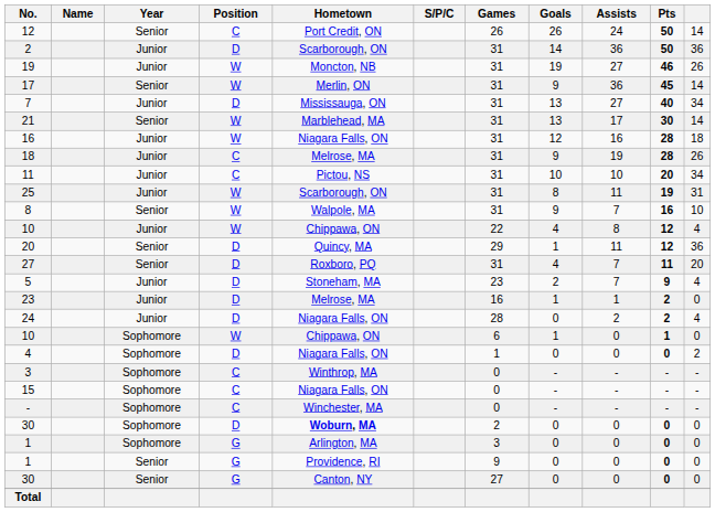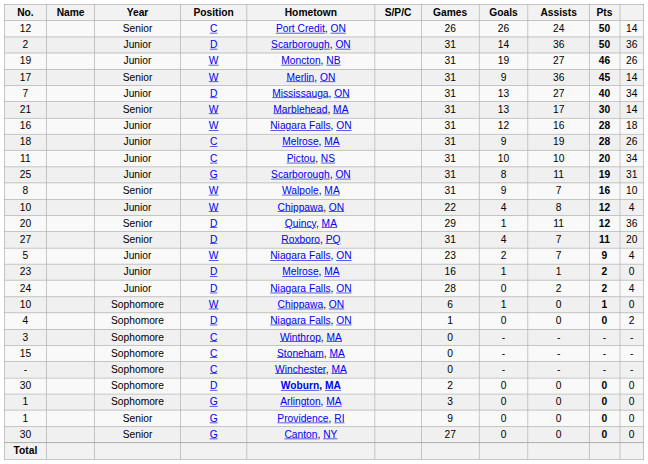 <table class="wikitable sortable" width ="1000">
 <tr align="center">
 <th><strong>No.</strong></th>
 <th><strong>Name</strong></th>
 <th><strong>Year</strong></th>
 <th><strong>Position</strong></th>
 <th><strong>Hometown</strong></th>
 <th><strong>S/P/C</strong></th>
 <th><strong>Games</strong></th>
 <th><strong>Goals</strong></th>
 <th><strong>Assists</strong></th>
 <th><strong>Pts</strong></th>
 <th><strong><a href='#'></a></strong></th>
 </tr>
 <tr align="center" bgcolor="">
 <td>12</td>
 <td></td>
 <td>Senior</td>
 <td><a href='#'>C</a></td>
 <td><a href='#'>Port Credit</a>, <a href='#'>ON</a></td>
 <td></td>
 <td>26</td>
 <td>26</td>
 <td>24</td>
 <td><strong>50</strong></td>
 <td>14</td>
 </tr>
 <tr align="center" bgcolor="#f0f0f0">
 <td>2</td>
 <td></td>
 <td>Junior</td>
 <td><a href='#'>D</a></td>
 <td><a href='#'>Scarborough</a>, <a href='#'>ON</a></td>
 <td></td>
 <td>31</td>
 <td>14</td>
 <td>36</td>
 <td><strong>50</strong></td>
 <td>36</td>
 </tr>
 <tr align="center">
 <td>19</td>
 <td></td>
 <td>Junior</td>
 <td><a href='#'>W</a></td>
 <td><a href='#'>Moncton</a>, <a href='#'>NB</a></td>
 <td></td>
 <td>31</td>
 <td>19</td>
 <td>27</td>
 <td><strong>46</strong></td>
 <td>26</td>
 </tr>
 <tr align="center" bgcolor="#f0f0f0">
 <td>17</td>
 <td></td>
 <td>Senior</td>
 <td><a href='#'>W</a></td>
 <td><a href='#'>Merlin</a>, <a href='#'>ON</a></td>
 <td></td>
 <td>31</td>
 <td>9</td>
 <td>36</td>
 <td><strong>45</strong></td>
 <td>14</td>
 </tr>
 <tr align="center">
 <td>7</td>
 <td></td>
 <td>Junior</td>
 <td><a href='#'>D</a></td>
 <td><a href='#'>Mississauga</a>, <a href='#'>ON</a></td>
 <td></td>
 <td>31</td>
 <td>13</td>
 <td>27</td>
 <td><strong>40</strong></td>
 <td>34</td>
 </tr>
 <tr align="center" bgcolor="#f0f0f0">
 <td>21</td>
 <td></td>
 <td>Senior</td>
 <td><a href='#'>W</a></td>
 <td><a href='#'>Marblehead</a>, <a href='#'>MA</a></td>
 <td></td>
 <td>31</td>
 <td>13</td>
 <td>17</td>
 <td><strong>30</strong></td>
 <td>14</td>
 </tr>
 <tr align="center">
 <td>16</td>
 <td></td>
 <td>Junior</td>
 <td><a href='#'>W</a></td>
 <td><a href='#'>Niagara Falls</a>, <a href='#'>ON</a></td>
 <td></td>
 <td>31</td>
 <td>12</td>
 <td>16</td>
 <td><strong>28</strong></td>
 <td>18</td>
 </tr>
 <tr align="center" bgcolor="#f0f0f0">
 <td>18</td>
 <td></td>
 <td>Junior</td>
 <td><a href='#'>C</a></td>
 <td><a href='#'>Melrose</a>, <a href='#'>MA</a></td>
 <td></td>
 <td>31</td>
 <td>9</td>
 <td>19</td>
 <td><strong>28</strong></td>
 <td>26</td>
 </tr>
 <tr align="center" 2>
 <td>11</td>
 <td></td>
 <td>Junior</td>
 <td><a href='#'>C</a></td>
 <td><a href='#'>Pictou</a>, <a href='#'>NS</a></td>
 <td></td>
 <td>31</td>
 <td>10</td>
 <td>10</td>
 <td><strong>20</strong></td>
 <td>34</td>
 </tr>
 <tr align="center" bgcolor="#f0f0f0">
 <td>25</td>
 <td></td>
 <td>Junior</td>
-<td><a href='#'>W</a></td>
+<td><a href='#'>G</a></td>
 <td><a href='#'>Scarborough</a>, <a href='#'>ON</a></td>
 <td></td>
 <td>31</td>
 <td>8</td>
 <td>11</td>
 <td><strong>19</strong></td>
 <td>31</td>
 </tr>
 <tr align="center">
 <td>8</td>
 <td></td>
 <td>Senior</td>
 <td><a href='#'>W</a></td>
 <td><a href='#'>Walpole</a>, <a href='#'>MA</a></td>
 <td></td>
 <td>31</td>
 <td>9</td>
 <td>7</td>
 <td><strong>16</strong></td>
 <td>10</td>
 </tr>
 <tr align="center" bgcolor="#f0f0f0">
 <td>10</td>
 <td></td>
 <td>Junior</td>
 <td><a href='#'>W</a></td>
 <td><a href='#'>Chippawa</a>, <a href='#'>ON</a></td>
 <td></td>
 <td>22</td>
 <td>4</td>
 <td>8</td>
 <td><strong>12</strong></td>
 <td>4</td>
 </tr>
 <tr align="center">
 <td>20</td>
 <td></td>
 <td>Senior</td>
 <td><a href='#'>D</a></td>
 <td><a href='#'>Quincy</a>, <a href='#'>MA</a></td>
 <td></td>
 <td>29</td>
 <td>1</td>
 <td>11</td>
 <td><strong>12</strong></td>
 <td>36</td>
 </tr>
 <tr align="center" bgcolor="#f0f0f0">
 <td>27</td>
 <td></td>
 <td>Senior</td>
 <td><a href='#'>D</a></td>
 <td><a href='#'>Roxboro</a>, <a href='#'>PQ</a></td>
 <td></td>
 <td>31</td>
 <td>4</td>
 <td>7</td>
 <td><strong>11</strong></td>
 <td>20</td>
 </tr>
 <tr align="center">
 <td>5</td>
 <td></td>
 <td>Junior</td>
-<td><a href='#'>D</a></td>
-<td><a href='#'>Stoneham</a>, <a href='#'>MA</a></td>
+<td><a href='#'>W</a></td>
+<td><a href='#'>Niagara Falls</a>, <a href='#'>ON</a></td>
 <td></td>
 <td>23</td>
 <td>2</td>
 <td>7</td>
 <td><strong>9</strong></td>
 <td>4</td>
 </tr>
 <tr align="center" bgcolor="#f0f0f0">
 <td>23</td>
 <td></td>
 <td>Junior</td>
 <td><a href='#'>D</a></td>
 <td><a href='#'>Melrose</a>, <a href='#'>MA</a></td>
 <td></td>
 <td>16</td>
 <td>1</td>
 <td>1</td>
 <td><strong>2</strong></td>
 <td>0</td>
 </tr>
 <tr align="center">
 <td>24</td>
 <td></td>
 <td>Junior</td>
 <td><a href='#'>D</a></td>
 <td><a href='#'>Niagara Falls</a>, <a href='#'>ON</a></td>
 <td></td>
 <td>28</td>
 <td>0</td>
 <td>2</td>
 <td><strong>2</strong></td>
 <td>4</td>
 </tr>
 <tr align="center" bgcolor="#f0f0f0">
 <td>10</td>
 <td></td>
 <td>Sophomore</td>
 <td><a href='#'>W</a></td>
 <td><a href='#'>Chippawa</a>, <a href='#'>ON</a></td>
 <td></td>
 <td>6</td>
 <td>1</td>
 <td>0</td>
 <td><strong>1</strong></td>
 <td>0</td>
 </tr>
 <tr align="center">
 <td>4</td>
 <td></td>
 <td>Sophomore</td>
 <td><a href='#'>D</a></td>
 <td><a href='#'>Niagara Falls</a>, <a href='#'>ON</a></td>
 <td></td>
 <td>1</td>
 <td>0</td>
 <td>0</td>
 <td><strong>0</strong></td>
 <td>2</td>
 </tr>
 <tr align="center" bgcolor="#f0f0f0">
 <td>3</td>
 <td></td>
 <td>Sophomore</td>
 <td><a href='#'>C</a></td>
 <td><a href='#'>Winthrop</a>, <a href='#'>MA</a></td>
 <td></td>
 <td>0</td>
 <td>-</td>
 <td>-</td>
 <td>-</td>
 <td>-</td>
 </tr>
 <tr align="center">
 <td>15</td>
 <td></td>
 <td>Sophomore</td>
 <td><a href='#'>C</a></td>
-<td><a href='#'>Niagara Falls</a>, <a href='#'>ON</a></td>
+<td><a href='#'>Stoneham</a>, <a href='#'>MA</a></td>
 <td></td>
 <td>0</td>
 <td>-</td>
 <td>-</td>
 <td>-</td>
 <td>-</td>
 </tr>
 <tr align="center" bgcolor="#f0f0f0">
 <td>-</td>
 <td></td>
 <td>Sophomore</td>
 <td><a href='#'>C</a></td>
 <td><a href='#'>Winchester</a>, <a href='#'>MA</a></td>
 <td></td>
 <td>0</td>
 <td>-</td>
 <td>-</td>
 <td>-</td>
 <td>-</td>
 </tr>
 <tr align="center">
 <td>30</td>
 <td></td>
 <td>Sophomore</td>
 <td><a href='#'>D</a></td>
 <td><strong><a href='#'>Woburn</a>, <a href='#'>MA</a></strong></td>
 <td></td>
 <td>2</td>
 <td>0</td>
 <td>0</td>
 <td><strong>0</strong></td>
 <td>0</td>
 </tr>
 <tr align="center" bgcolor="#f0f0f0">
 <td>1</td>
 <td></td>
 <td>Sophomore</td>
 <td><a href='#'>G</a></td>
 <td><a href='#'>Arlington</a>, <a href='#'>MA</a></td>
 <td></td>
 <td>3</td>
 <td>0</td>
 <td>0</td>
 <td><strong>0</strong></td>
 <td>0</td>
 </tr>
 <tr align="center">
 <td>1</td>
 <td></td>
 <td>Senior</td>
 <td><a href='#'>G</a></td>
 <td><a href='#'>Providence</a>, <a href='#'>RI</a></td>
 <td></td>
 <td>9</td>
 <td>0</td>
 <td>0</td>
 <td><strong>0</strong></td>
 <td>0</td>
 </tr>
 <tr align="center" bgcolor="#f0f0f0">
 <td>30</td>
 <td></td>
 <td>Senior</td>
 <td><a href='#'>G</a></td>
 <td><a href='#'>Canton</a>, <a href='#'>NY</a></td>
 <td></td>
 <td>27</td>
 <td>0</td>
 <td>0</td>
 <td><strong>0</strong></td>
 <td>0</td>
 </tr>
 <tr align="center">
 </tr>
 <tr>
 <th>Total</th>
 <th></th>
 <th></th>
 <th></th>
 <th></th>
 <th></th>
 <th></th>
 <th></th>
 <th></th>
 <th></th>
 <th></th>
 </tr>
 </table>
